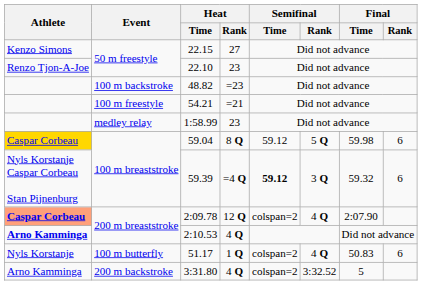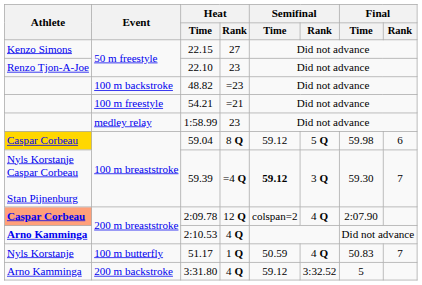 <table class=wikitable style="font-size:90%;">
 <tr>
 <th rowspan=2>Athlete</th>
 <th rowspan=2>Event</th>
 <th colspan=2>Heat</th>
 <th colspan=2>Semifinal</th>
 <th colspan=2>Final</th>
 </tr>
 <tr style="font-size:95%">
 <th>Time</th>
 <th>Rank</th>
 <th>Time</th>
 <th>Rank</th>
 <th>Time</th>
 <th>Rank</th>
 </tr>
 <tr align=center>
 <td align=left><a href='#'>Kenzo Simons</a></td>
 <td rowspan=2 align=left><a href='#'>50 m freestyle</a></td>
 <td>22.15</td>
 <td>27</td>
 <td colspan=4>Did not advance</td>
 </tr>
 <tr align=center>
 <td align=left><a href='#'>Renzo Tjon-A-Joe</a></td>
 <td>22.10</td>
 <td>23</td>
 <td colspan=4>Did not advance</td>
 </tr>
 <tr align=center>
 <td align=left></td>
 <td align=left><a href='#'>100 m backstroke</a></td>
 <td>48.82</td>
 <td>=23</td>
 <td colspan=4>Did not advance</td>
 </tr>
 <tr align=center>
 <td align=left></td>
 <td align=left><a href='#'>100 m freestyle</a></td>
 <td>54.21</td>
 <td>=21</td>
 <td colspan=4>Did not advance</td>
 </tr>
 <tr align=center>
 <td align=left></td>
 <td align=left><a href='#'> medley relay</a></td>
 <td>1:58.99</td>
 <td>23</td>
 <td colspan=4>Did not advance</td>
 </tr>
 <tr align=center>
 <td align=left style="background: gold;"><a href='#'>Caspar Corbeau</a></td>
 <td rowspan=2 align=left><a href='#'>100 m breaststroke</a></td>
 <td>59.04</td>
 <td>8 <strong>Q</strong></td>
 <td>59.12</td>
 <td>5 <strong>Q</strong></td>
 <td>59.98</td>
 <td>6</td>
 </tr>
 <tr align=center>
 <td align=left><a href='#'>Nyls Korstanje</a><br><a href='#'>Caspar Corbeau</a><br><br><a href='#'>Stan Pijnenburg</a></td>
 <td>59.39</td>
 <td>=4 <strong>Q</strong></td>
 <td><strong>59.12</strong></td>
 <td>3 <strong>Q</strong></td>
-<td>59.32</td>
-<td>6</td>
+<td>59.30</td>
+<td>7</td>
 </tr>
 <tr align=center>
 <td align=left style="background: lightsalmon;"><strong><a href='#'>Caspar Corbeau</a></strong></td>
 <td align=left rowspan=2><a href='#'>200 m breaststroke</a></td>
 <td>2:09.78</td>
 <td>12 <strong>Q</strong></td>
 <td>colspan=2 </td>
 <td>4 <strong>Q</strong></td>
 <td>2:07.90</td>
 <td></td>
 </tr>
 <tr align=center>
 <td align=left><strong><a href='#'>Arno Kamminga</a></strong></td>
 <td>2:10.53</td>
 <td>4 <strong>Q</strong></td>
 <td colspan=2></td>
 <td colspan=2>Did not advance</td>
 </tr>
 <tr align=center>
 <td align=left><a href='#'>Nyls Korstanje</a></td>
 <td align=left><a href='#'>100 m butterfly</a></td>
 <td>51.17</td>
 <td>1 <strong>Q</strong></td>
-<td>colspan=2 </td>
+<td>50.59</td>
 <td>4 <strong>Q</strong></td>
 <td>50.83</td>
-<td>6</td>
+<td>7</td>
 </tr>
 <tr align=center>
 <td align=left><a href='#'>Arno Kamminga</a></td>
 <td align=left><a href='#'>200 m backstroke</a></td>
 <td>3:31.80</td>
 <td>4 <strong>Q</strong></td>
-<td>colspan=2 </td>
+<td>59.12</td>
 <td>3:32.52</td>
 <td>5</td>
 </tr>
 </table>
